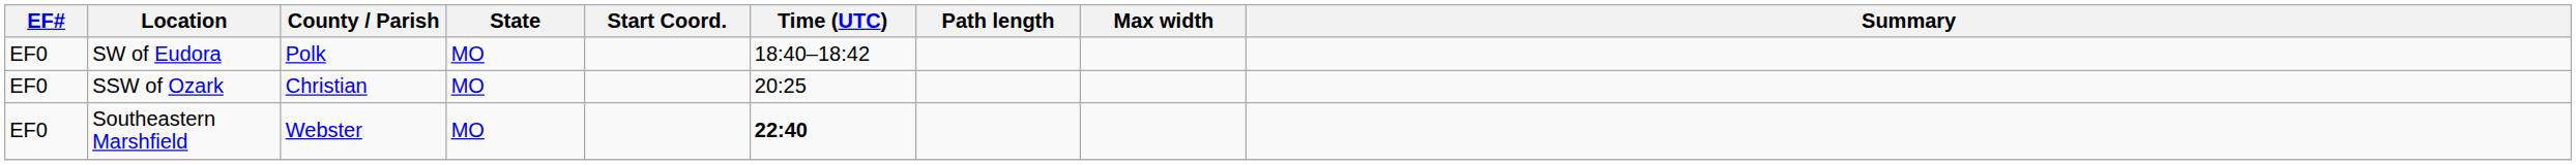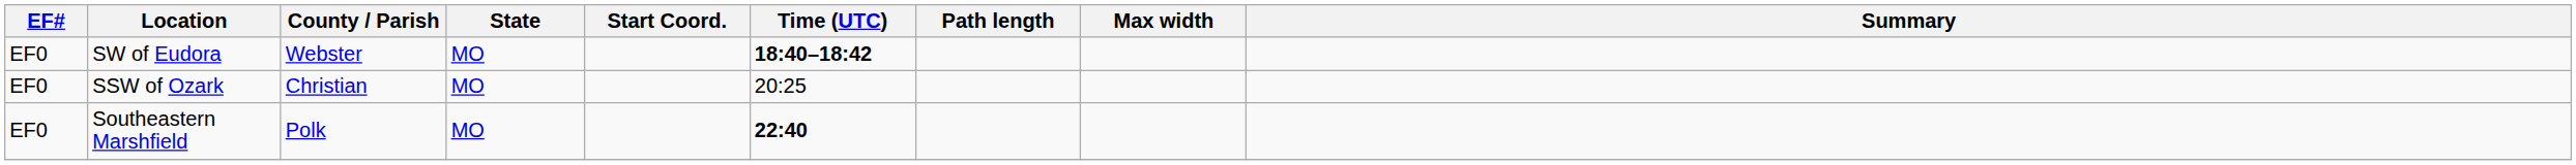 <table class="wikitable sortable" style="width:100%;">
 <tr>
 <th scope="col"  style="width:3%; text-align:center;"><a href='#'>EF#</a></th>
 <th scope="col"  style="width:7%; text-align:center;" class="unsortable">Location</th>
 <th scope="col"  style="width:6%; text-align:center;" class="unsortable">County / Parish</th>
 <th scope="col"  style="width:5%; text-align:center;">State</th>
 <th scope="col"  style="width:6%; text-align:center;">Start Coord.</th>
 <th scope="col"  style="width:6%; text-align:center;">Time (<a href='#'>UTC</a>)</th>
 <th scope="col"  style="width:6%; text-align:center;">Path length</th>
 <th scope="col"  style="width:6%; text-align:center;">Max width</th>
 <th scope="col" class="unsortable" style="width:48%; text-align:center;">Summary</th>
 </tr>
 <tr>
 <td>EF0</td>
 <td>SW of <a href='#'>Eudora</a></td>
-<td><a href='#'>Polk</a></td>
+<td><a href='#'>Webster</a></td>
 <td><a href='#'>MO</a></td>
 <td></td>
-<td>18:40–18:42</td>
+<td><strong>18:40–18:42</strong></td>
 <td></td>
 <td></td>
 <td></td>
 </tr>
 <tr>
 <td>EF0</td>
 <td>SSW of <a href='#'>Ozark</a></td>
 <td><a href='#'>Christian</a></td>
 <td><a href='#'>MO</a></td>
 <td></td>
 <td>20:25</td>
 <td></td>
 <td></td>
 <td></td>
 </tr>
 <tr>
 <td>EF0</td>
 <td>Southeastern <a href='#'>Marshfield</a></td>
-<td><a href='#'>Webster</a></td>
+<td><a href='#'>Polk</a></td>
 <td><a href='#'>MO</a></td>
 <td></td>
 <td><strong>22:40</strong></td>
 <td></td>
 <td></td>
 <td></td>
 </tr>
 <tr>
 </tr>
 </table>
